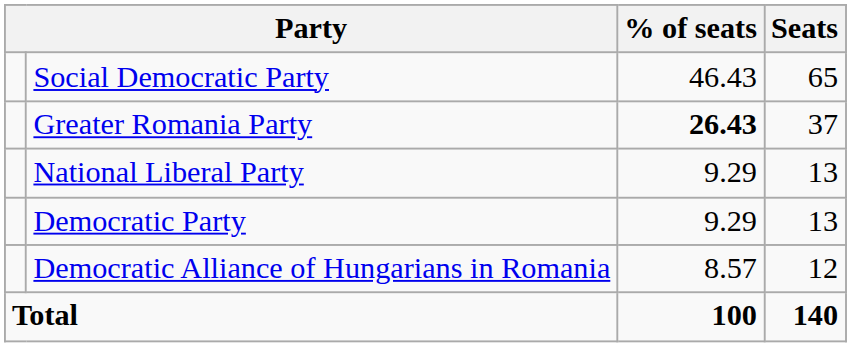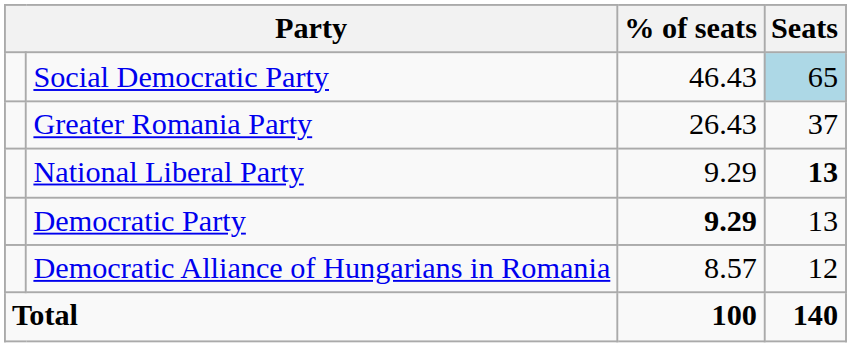 <table class="wikitable">
 <tr>
 <th colspan=2>Party</th>
 <th align=center>% of seats</th>
 <th align=center>Seats</th>
 </tr>
 <tr>
 <td> </td>
 <td align=left><a href='#'>Social Democratic Party</a></td>
 <td align=right>46.43</td>
-<td align=right>65</td>
+<td align=right style="background: lightblue;">65</td>
 </tr>
 <tr>
 <td> </td>
 <td align=left><a href='#'>Greater Romania Party</a></td>
-<td align=right><strong>26.43</strong></td>
+<td align=right>26.43</td>
 <td align=right>37</td>
 </tr>
 <tr>
 <td> </td>
 <td align=left><a href='#'>National Liberal Party</a></td>
 <td align=right>9.29</td>
-<td align=right>13</td>
+<td align=right><strong>13</strong></td>
 </tr>
 <tr>
 <td> </td>
 <td align=left><a href='#'>Democratic Party</a></td>
-<td align=right>9.29</td>
+<td align=right><strong>9.29</strong></td>
 <td align=right>13</td>
 </tr>
 <tr>
 <td> </td>
 <td align=left><a href='#'>Democratic Alliance of Hungarians in Romania</a></td>
 <td align=right>8.57</td>
 <td align=right>12</td>
 </tr>
 <tr>
 <td colspan=2><strong>Total</strong></td>
 <td align=right><strong>100</strong></td>
 <td align=right><strong>140</strong></td>
 </tr>
 </table>
